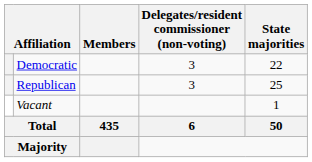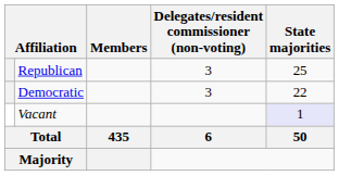 <table class=wikitable>
 <tr valign=bottom>
 <th colspan=2>Affiliation</th>
 <th>Members</th>
 <th>Delegates/resident<br>commissioner<br><span>(non-voting)</span></th>
 <th>State<br>majorities</th>
 </tr>
 <tr>
 <th style="background-color:"></th>
+<td><a href='#'>Republican</a></td>
+<td align=center></td>
+<td align=center>3</td>
+<td align=center>25</td>
+</tr>
+<tr>
+<th style="background-color:"></th>
 <td><a href='#'>Democratic</a></td>
 <td align=center></td>
 <td align=center>3</td>
 <td align=center>22</td>
 </tr>
 <tr>
-<th style="background-color:"></th>
-<td><a href='#'>Republican</a></td>
-<td align=center></td>
-<td align=center>3</td>
-<td align=center>25</td>
-</tr>
-<tr>
 <th style="background:white; width:4px;"></th>
 <td><em>Vacant</em></td>
 <td align=center></td>
 <td align=center></td>
-<td align=center>1</td>
+<td align=center style="background: lavender;">1</td>
 </tr>
 <tr>
 <th colspan=2>Total</th>
 <th>435</th>
 <th>6</th>
 <th>50</th>
 </tr>
 <tr>
 <th colspan=2>Majority</th>
 <th></th>
 </tr>
 </table>
